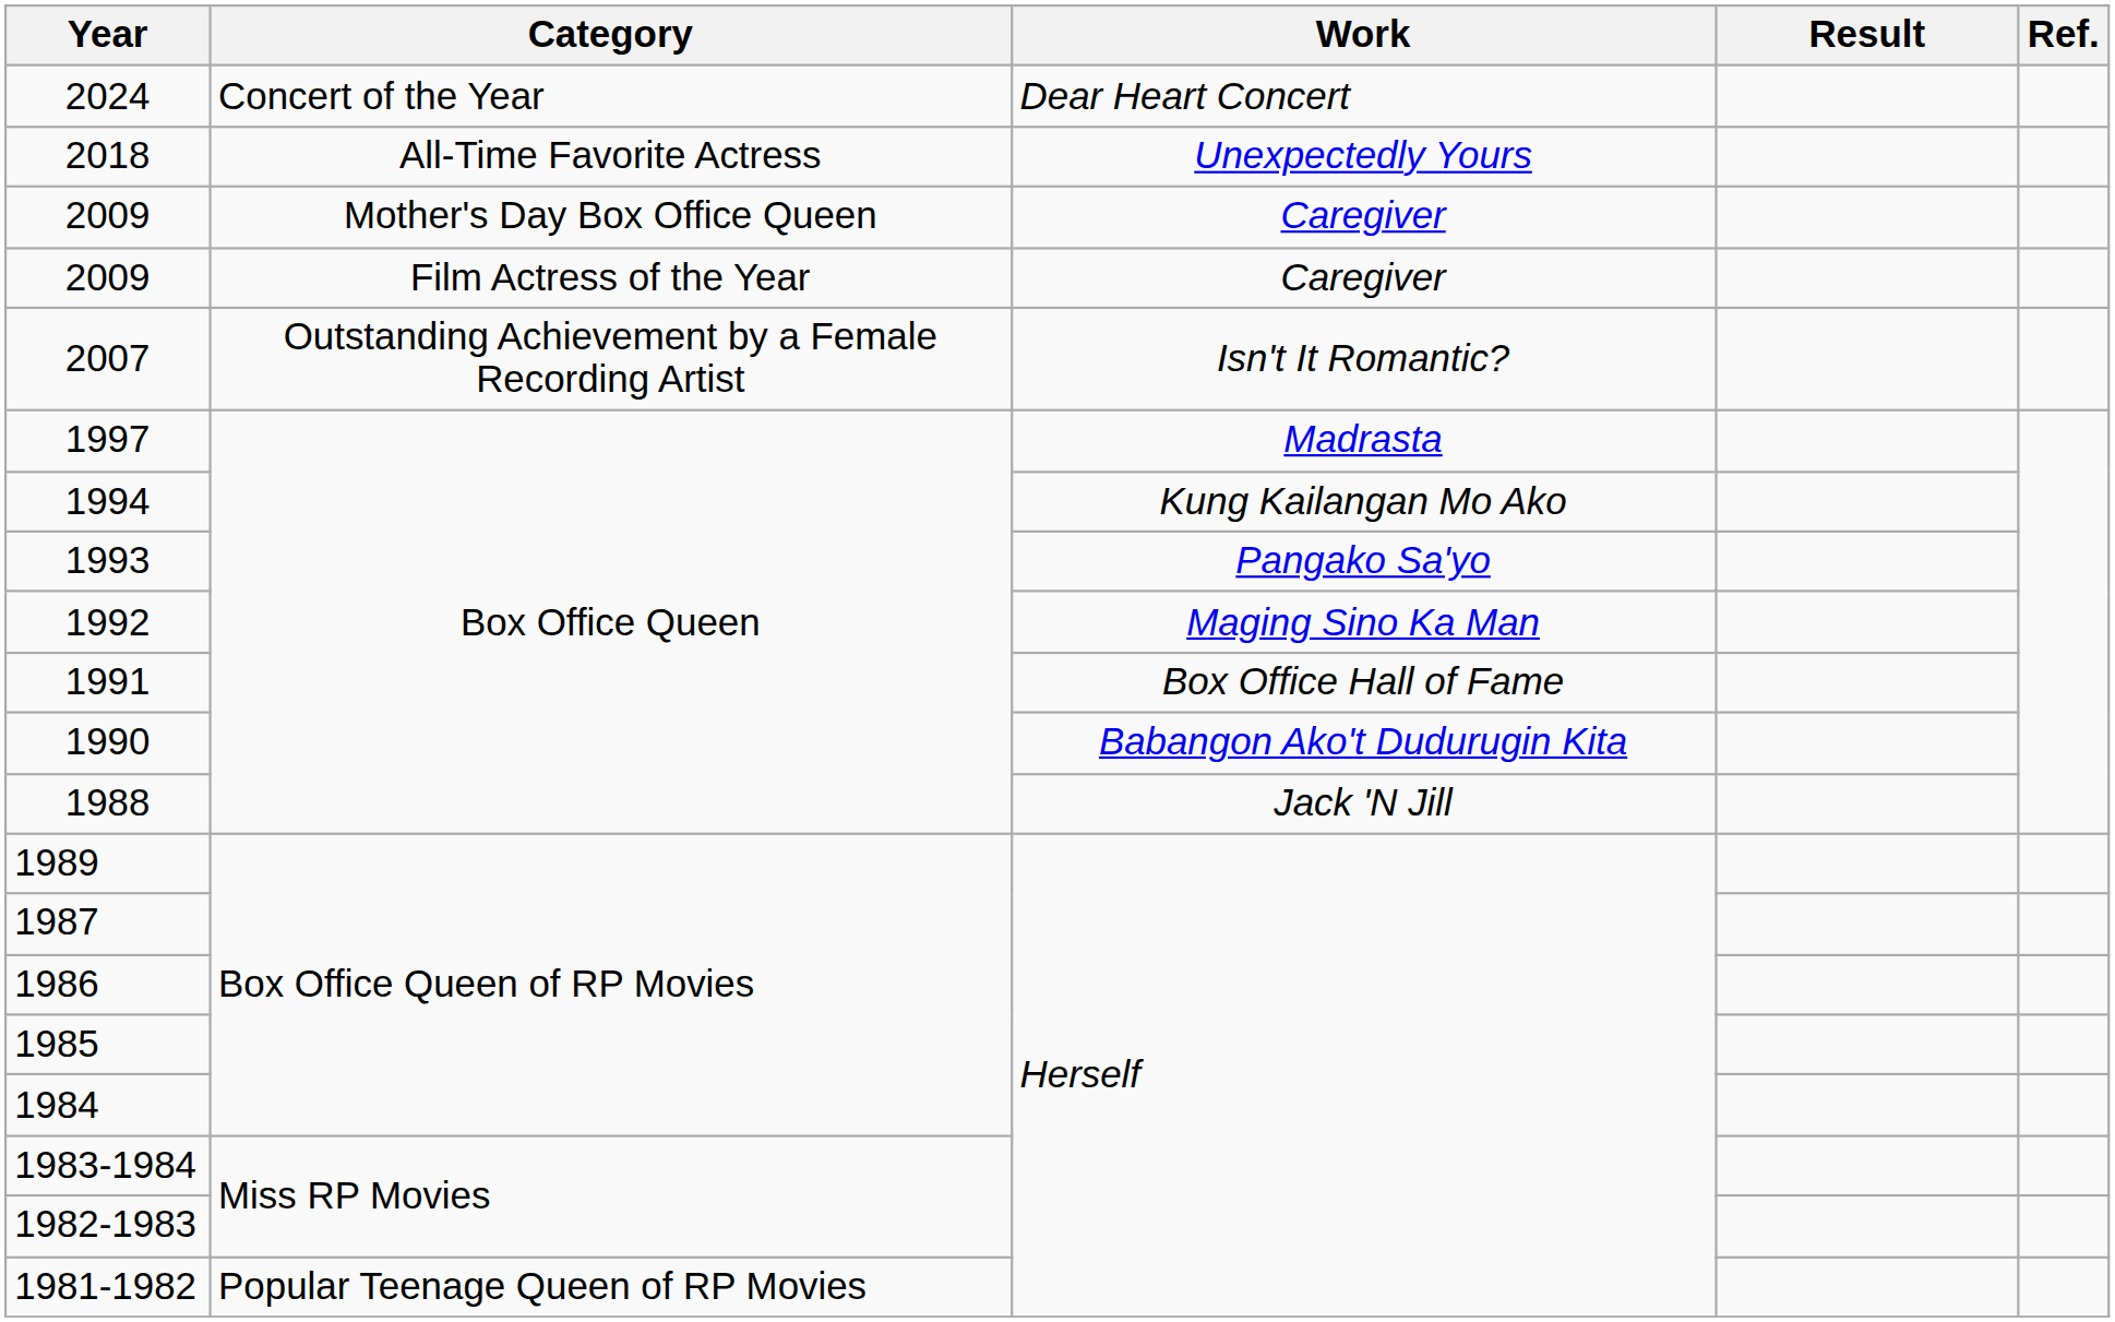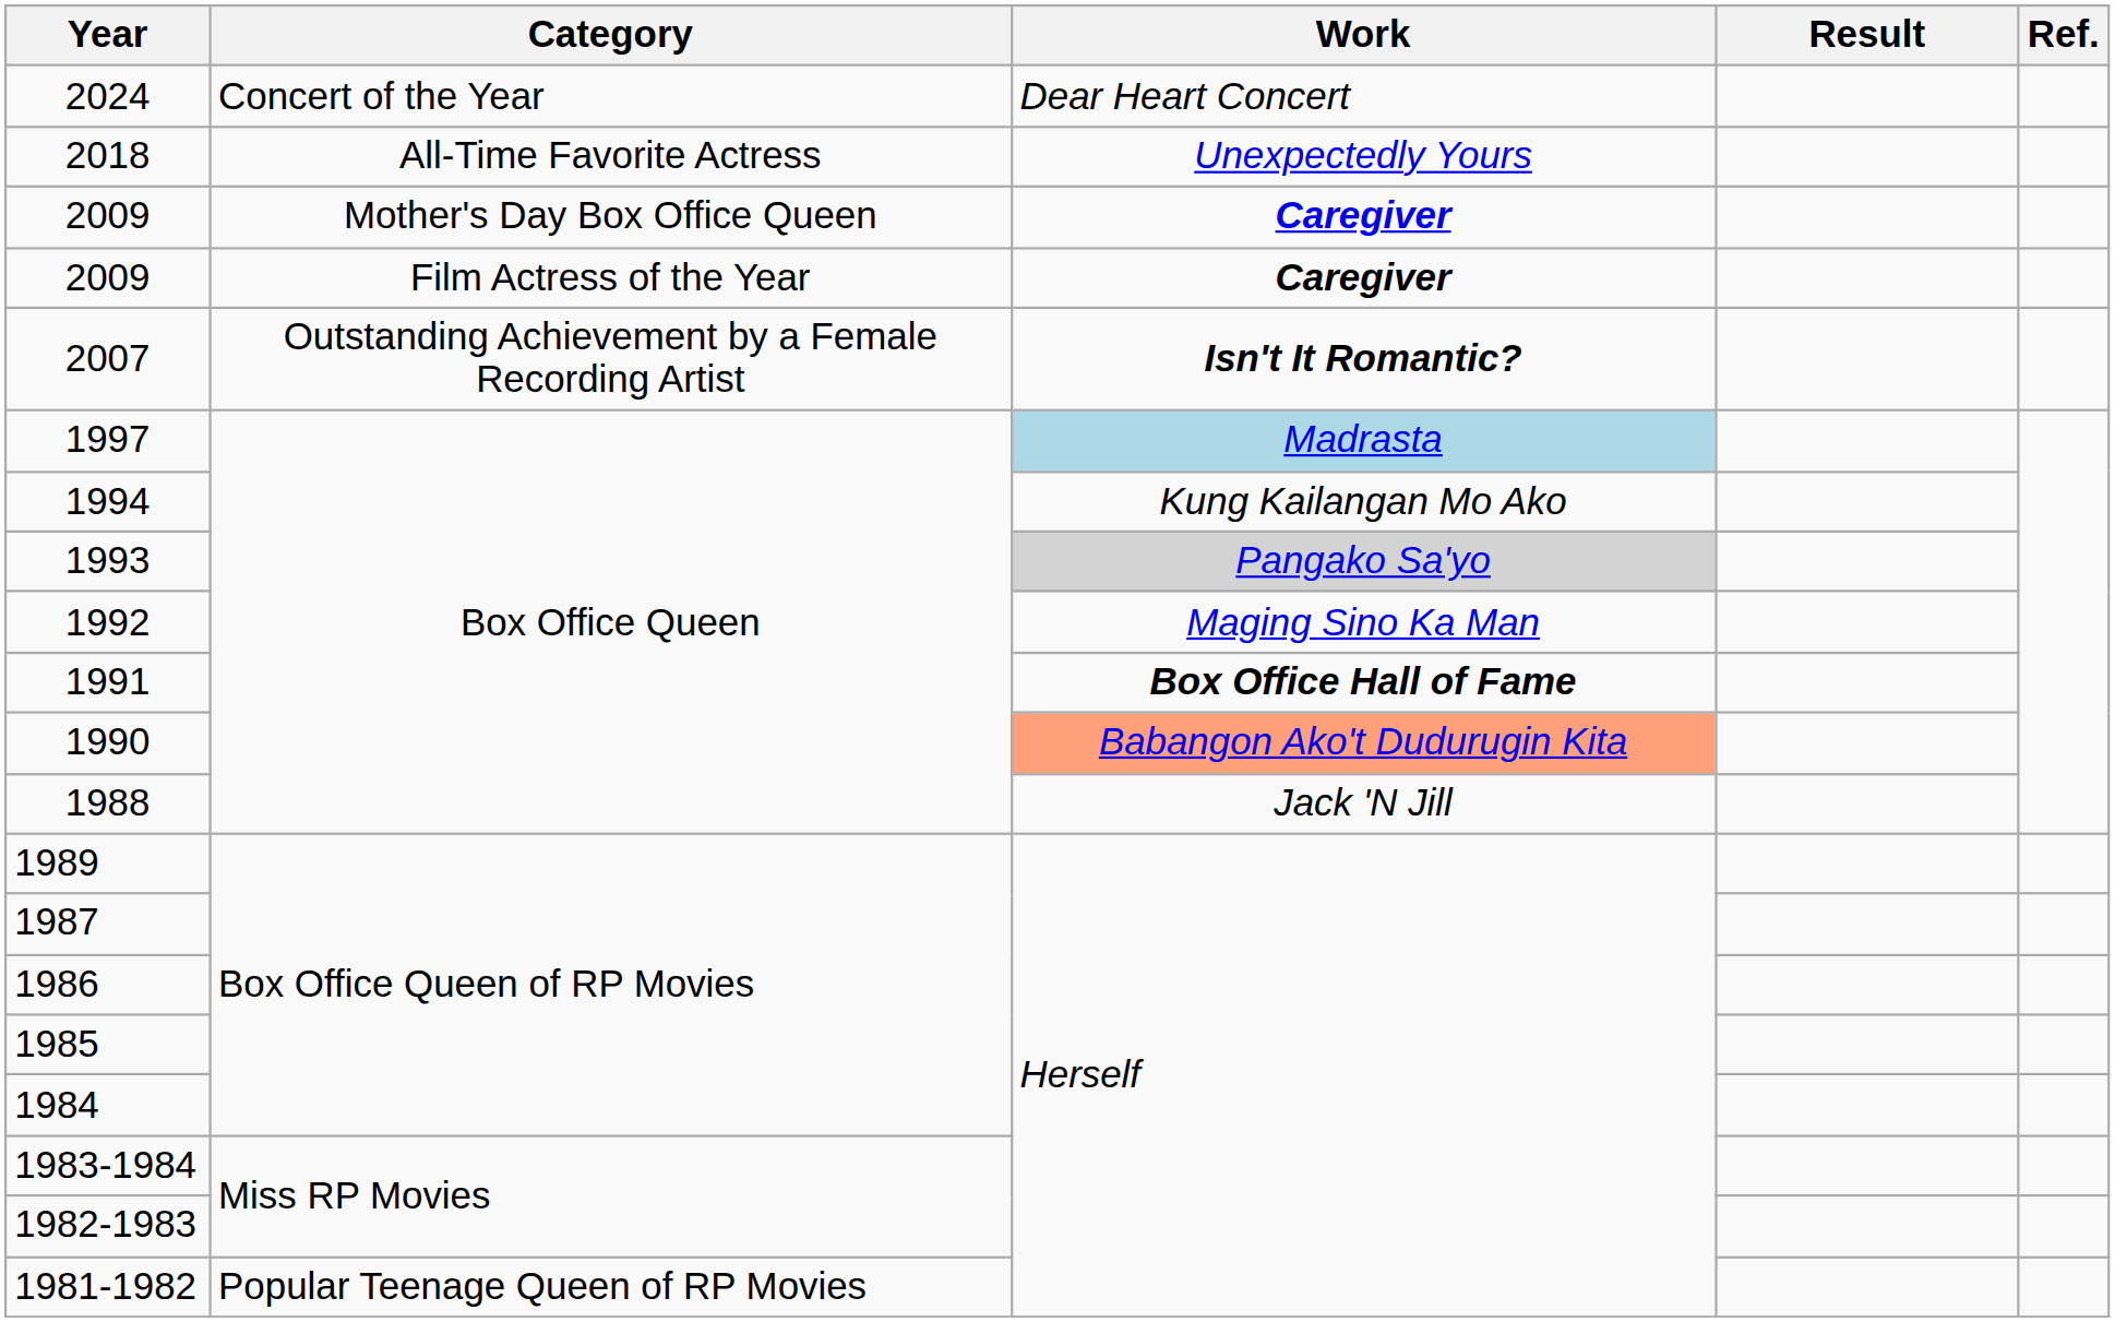 <table style="width:70%;" class="wikitable sortable">
 <tr>
 <th style="width:10%;">Year</th>
 <th style="width:40%;">Category</th>
 <th style="width:35%;">Work</th>
 <th style="width:15%;">Result</th>
 <th>Ref.</th>
 </tr>
 <tr>
 <td style="text-align:center;">2024</td>
 <td>Concert of the Year</td>
 <td><em>Dear Heart Concert</em></td>
 <td></td>
 <td></td>
 </tr>
 <tr>
 <td style="text-align:center;">2018</td>
 <td style="text-align:center;">All-Time Favorite Actress</td>
 <td style="text-align:center;"><em><a href='#'>Unexpectedly Yours</a></em></td>
 <td></td>
 <td></td>
 </tr>
 <tr>
 <td style="text-align:center;">2009</td>
 <td style="text-align:center;">Mother's Day Box Office Queen</td>
-<td style="text-align:center;"><em><a href='#'>Caregiver</a></em></td>
+<td style="text-align:center;"><strong><em><a href='#'>Caregiver</a></em></strong></td>
 <td></td>
 <td></td>
 </tr>
 <tr>
 <td style="text-align:center;">2009</td>
 <td style="text-align:center;">Film Actress of the Year</td>
-<td style="text-align:center;"><em>Caregiver</em></td>
+<td style="text-align:center;"><strong><em>Caregiver</em></strong></td>
 <td></td>
 <td></td>
 </tr>
 <tr>
 <td style="text-align:center;">2007</td>
 <td style="text-align:center;">Outstanding Achievement by a Female Recording Artist</td>
-<td style="text-align:center;"><em>Isn't It Romantic?</em></td>
+<td style="text-align:center;"><strong><em>Isn't It Romantic?</em></strong></td>
 <td></td>
 <td></td>
 </tr>
 <tr>
 <td style="text-align:center;">1997</td>
 <td rowspan="7" style="text-align:center;">Box Office Queen</td>
-<td style="text-align:center;"><em><a href='#'>Madrasta</a></em></td>
+<td style="background: lightblue; text-align:center;"><em><a href='#'>Madrasta</a></em></td>
 <td></td>
 <td rowspan="7"></td>
 </tr>
 <tr>
 <td style="text-align:center;">1994</td>
 <td style="text-align:center;"><em>Kung Kailangan Mo Ako</em></td>
 <td></td>
 </tr>
 <tr>
 <td style="text-align:center;">1993</td>
-<td style="text-align:center;"><em><a href='#'>Pangako Sa'yo</a></em></td>
+<td style="background: lightgrey; text-align:center;"><em><a href='#'>Pangako Sa'yo</a></em></td>
 <td></td>
 </tr>
 <tr>
 <td style="text-align:center;">1992</td>
 <td style="text-align:center;"><em><a href='#'>Maging Sino Ka Man</a></em></td>
 <td></td>
 </tr>
 <tr>
 <td style="text-align:center;">1991</td>
-<td style="text-align:center;"><em>Box Office Hall of Fame</em></td>
+<td style="text-align:center;"><strong><em>Box Office Hall of Fame</em></strong></td>
 <td></td>
 </tr>
 <tr>
 <td style="text-align:center;">1990</td>
-<td style="text-align:center;"><em><a href='#'>Babangon Ako't Dudurugin Kita</a></em></td>
+<td style="background: lightsalmon; text-align:center;"><em><a href='#'>Babangon Ako't Dudurugin Kita</a></em></td>
 <td></td>
 </tr>
 <tr>
 <td style="text-align:center;">1988</td>
 <td style="text-align:center;"><em>Jack 'N Jill</em></td>
 <td></td>
 </tr>
 <tr>
 <td>1989</td>
 <td rowspan="5">Box Office Queen of RP Movies</td>
 <td rowspan="8"><em>Herself</em></td>
 <td></td>
 <td></td>
 </tr>
 <tr>
 <td>1987</td>
 <td></td>
 <td></td>
 </tr>
 <tr>
 <td>1986</td>
 <td></td>
 <td></td>
 </tr>
 <tr>
 <td>1985</td>
 <td></td>
 <td></td>
 </tr>
 <tr>
 <td>1984</td>
 <td></td>
 <td></td>
 </tr>
 <tr>
 <td>1983-1984</td>
 <td rowspan="2">Miss RP Movies</td>
 <td></td>
 <td></td>
 </tr>
 <tr>
 <td>1982-1983</td>
 <td></td>
 <td></td>
 </tr>
 <tr>
 <td>1981-1982</td>
 <td>Popular Teenage Queen of RP Movies</td>
 <td></td>
 <td></td>
 </tr>
 </table>
